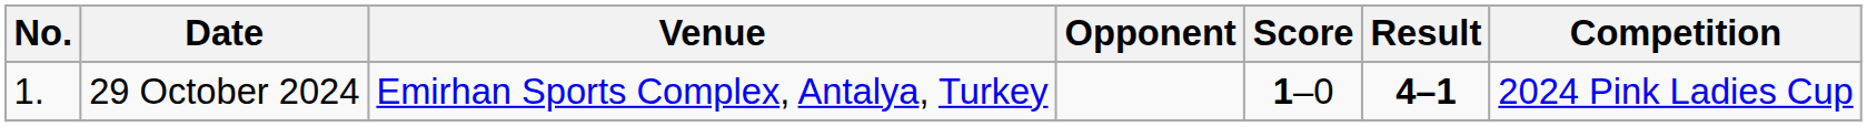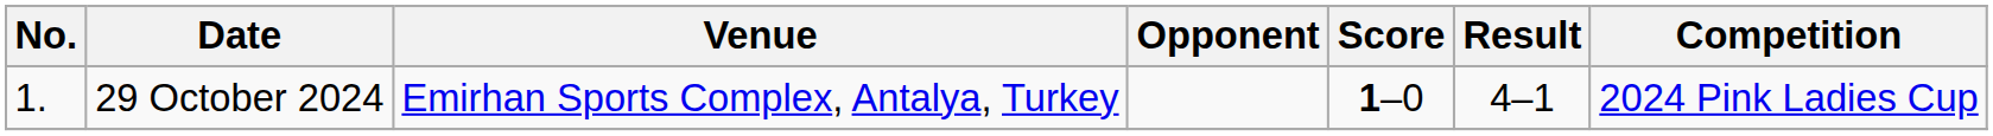 <table class="wikitable">
 <tr>
 <th>No.</th>
 <th>Date</th>
 <th>Venue</th>
 <th>Opponent</th>
 <th>Score</th>
 <th>Result</th>
 <th>Competition</th>
 </tr>
 <tr>
 <td>1.</td>
 <td>29 October 2024</td>
 <td><a href='#'>Emirhan Sports Complex</a>, <a href='#'>Antalya</a>, <a href='#'>Turkey</a></td>
 <td></td>
 <td align=center><strong>1</strong>–0</td>
-<td align=center><strong>4–1</strong></td>
+<td align=center>4–1</td>
 <td><a href='#'>2024 Pink Ladies Cup</a></td>
 </tr>
 <tr>
 </tr>
 </table>
